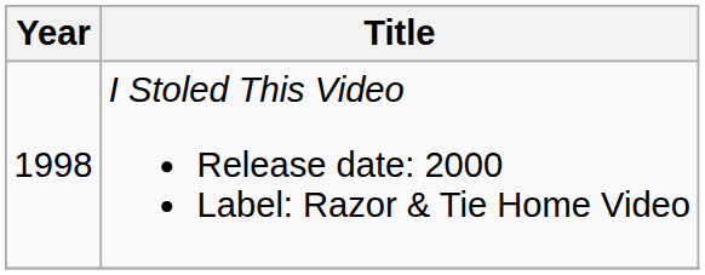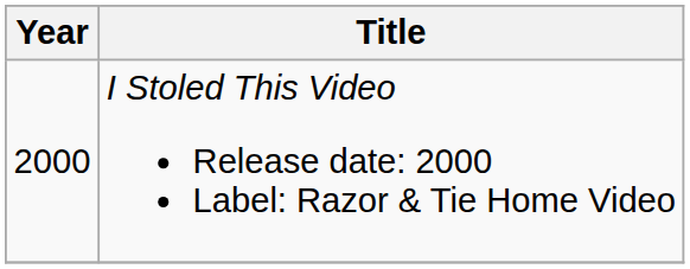 <table class="wikitable">
 <tr>
 <th>Year</th>
 <th>Title</th>
 </tr>
 <tr>
-<td>1998</td>
+<td>2000</td>
 <td><em>I Stoled This Video</em><br><ul><li>Release date: 2000</li><li>Label: Razor & Tie Home Video</li></ul></td>
 </tr>
 <tr>
 </tr>
 </table>
